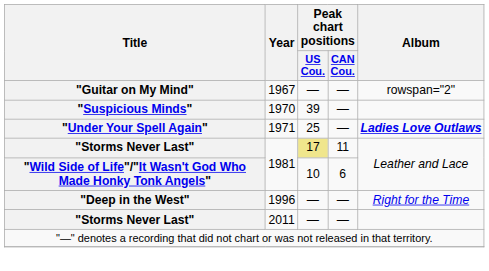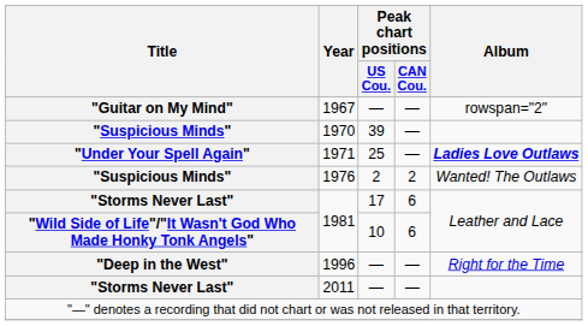 <table class="wikitable plainrowheaders" style="text-align:center;" border="1">
 <tr>
 <th scope="col" rowspan="2" style="width:21em;">Title</th>
 <th scope="col" rowspan="2">Year</th>
 <th scope="col" colspan="2">Peak chart positions</th>
 <th scope="col" rowspan="2">Album</th>
 </tr>
 <tr>
 <th scope="col" style="width:2em;font-size:90%;"><a href='#'>US<br>Cou.</a><br></th>
 <th scope="col" style="width:2em;font-size:90%;"><a href='#'>CAN<br>Cou.</a><br></th>
 </tr>
 <tr>
 <th scope="row">"Guitar on My Mind"<br></th>
 <td>1967</td>
 <td>—</td>
 <td>—</td>
 <td>rowspan="2" </td>
 </tr>
 <tr>
 <th scope="row">"<a href='#'>Suspicious Minds</a>"<br></th>
 <td>1970</td>
 <td>39</td>
 <td>—</td>
 </tr>
 <tr>
 <th scope="row">"<a href='#'>Under Your Spell Again</a>"<br></th>
 <td>1971</td>
 <td>25</td>
 <td>—</td>
 <td><strong><em><a href='#'>Ladies Love Outlaws</a></em></strong></td>
 </tr>
 <tr>
+<th scope="row">"Suspicious Minds" <br></th>
+<td>1976</td>
+<td>2</td>
+<td>2</td>
+<td><em>Wanted! The Outlaws</em></td>
+</tr>
+<tr>
 <th scope="row">"Storms Never Last"<br></th>
 <td rowspan="2">1981</td>
-<td style="background: khaki;">17</td>
-<td>11</td>
+<td>17</td>
+<td>6</td>
 <td rowspan="2"><em>Leather and Lace</em></td>
 </tr>
 <tr>
 <th scope="row">"<a href='#'>Wild Side of Life</a>"/"<a href='#'>It Wasn't God Who<br>Made Honky Tonk Angels</a>" <br></th>
 <td>10</td>
 <td>6</td>
 </tr>
 <tr>
 <th scope="row">"Deep in the West"<br></th>
 <td>1996</td>
 <td>—</td>
 <td>—</td>
 <td><em><a href='#'>Right for the Time</a></em></td>
 </tr>
 <tr>
 <th scope="row">"Storms Never Last"<br></th>
 <td>2011</td>
 <td>—</td>
 <td>—</td>
 <td></td>
 </tr>
 <tr>
 <td colspan="5" style="font-size:90%">"—" denotes a recording that did not chart or was not released in that territory.</td>
 </tr>
 <tr>
 </tr>
 </table>
